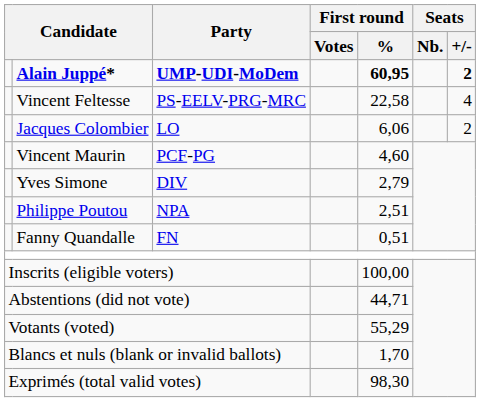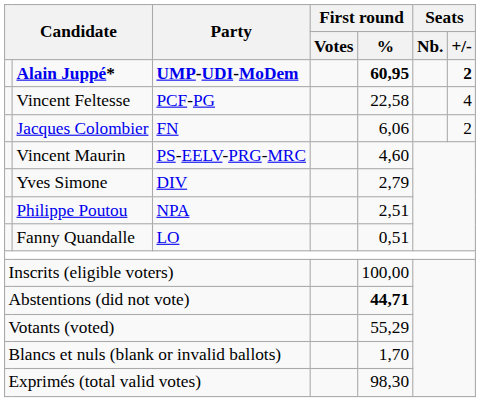 <table class="wikitable centre">
 <tr>
 <th scope="col" rowspan=2 colspan=2>Candidate</th>
 <th scope="col" rowspan=2 colspan=1>Party</th>
 <th scope="col" colspan=2>First round</th>
 <th scope="col" colspan=2>Seats</th>
 </tr>
 <tr>
 <th scope="col">Votes</th>
 <th scope="col">%</th>
 <th scope="col">Nb.</th>
 <th scope="col">+/-</th>
 </tr>
 <tr>
 <td style="color:inherit;background:"></td>
 <td><strong><a href='#'>Alain Juppé</a>*</strong></td>
 <td><strong><a href='#'>UMP</a>-<a href='#'>UDI</a>-<a href='#'>MoDem</a></strong></td>
 <td style="text-align: right"><strong></strong></td>
 <td style="text-align: right"><strong>60,95</strong></td>
 <td style="text-align: right"><strong></strong></td>
 <td style="text-align: right"><strong> 2</strong></td>
 </tr>
 <tr>
 <td style="color:inherit;background:"></td>
 <td>Vincent Feltesse</td>
-<td><a href='#'>PS</a>-<a href='#'>EELV</a>-<a href='#'>PRG</a>-<a href='#'>MRC</a></td>
+<td><a href='#'>PCF</a>-<a href='#'>PG</a></td>
 <td style="text-align: right"></td>
 <td style="text-align: right">22,58</td>
 <td style="text-align: right"></td>
 <td style="text-align: right"> 4</td>
 </tr>
 <tr>
 <td style="color:inherit;background:"></td>
 <td><a href='#'>Jacques Colombier</a></td>
-<td><a href='#'>LO</a></td>
+<td><a href='#'>FN</a></td>
 <td style="text-align: right"></td>
 <td style="text-align: right">6,06</td>
 <td style="text-align: right"></td>
 <td style="text-align: right"> 2</td>
 </tr>
 <tr>
 <td style="color:inherit;background:"></td>
 <td>Vincent Maurin</td>
-<td><a href='#'>PCF</a>-<a href='#'>PG</a></td>
+<td><a href='#'>PS</a>-<a href='#'>EELV</a>-<a href='#'>PRG</a>-<a href='#'>MRC</a></td>
 <td style="text-align: right"></td>
 <td style="text-align: right">4,60</td>
 <td colspan=7 rowspan=4></td>
 </tr>
 <tr>
 <td style="color:inherit;background:"></td>
 <td>Yves Simone</td>
 <td><a href='#'>DIV</a></td>
 <td style="text-align: right"></td>
 <td style="text-align: right">2,79</td>
 </tr>
 <tr>
 <td style="color:inherit;background:"></td>
 <td><a href='#'>Philippe Poutou</a></td>
 <td><a href='#'>NPA</a></td>
 <td style="text-align: right"></td>
 <td style="text-align: right">2,51</td>
 </tr>
 <tr>
 <td style="color:inherit;background:"></td>
 <td>Fanny Quandalle</td>
-<td><a href='#'>FN</a></td>
+<td><a href='#'>LO</a></td>
 <td style="text-align: right"></td>
 <td style="text-align: right">0,51</td>
 </tr>
 <tr bgcolor=white>
 <td colspan=7></td>
 </tr>
 <tr>
 <td colspan=3>Inscrits (eligible voters)</td>
 <td style="text-align: right"></td>
 <td style="text-align: right">100,00</td>
 </tr>
 <tr>
 <td colspan=3>Abstentions (did not vote)</td>
 <td style="text-align: right"></td>
-<td style="text-align: right">44,71</td>
+<td style="text-align: right"><strong>44,71</strong></td>
 </tr>
 <tr>
 <td colspan=3>Votants (voted)</td>
 <td style="text-align: right"></td>
 <td style="text-align: right">55,29</td>
 </tr>
 <tr>
 <td colspan=3>Blancs et nuls (blank or invalid ballots)</td>
 <td style="text-align: right"></td>
 <td style="text-align: right">1,70</td>
 </tr>
 <tr>
 <td colspan=3>Exprimés (total valid votes)</td>
 <td style="text-align: right"></td>
 <td style="text-align: right">98,30</td>
 </tr>
 </table>
